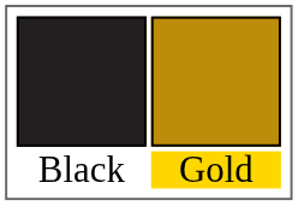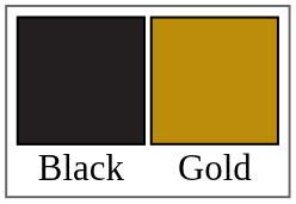 <table style="float:right; border:1px solid #666; padding:2px;">
 <tr>
 <td style="background:#231f20; width:50px; height:50px; padding:2px; border:1px solid #000000;"> </td>
 <td style="background:#BB8D0A; width:50px; height:50px; padding:2px; border:1px solid #000000;"> </td>
 </tr>
 <tr style="line-height:90%; text-align:center;">
 <td>Black</td>
-<td style="background: gold;">Gold</td>
+<td>Gold</td>
 </tr>
 </table>
